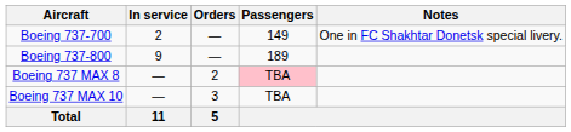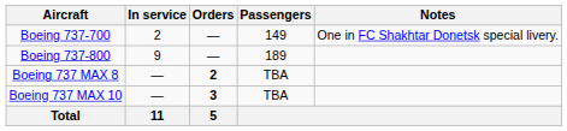 <table class="wikitable" style="margin:1em auto; border-collapse:collapse;text-align:center">
 <tr>
 <th>Aircraft</th>
 <th>In service</th>
 <th>Orders</th>
 <th>Passengers</th>
 <th>Notes</th>
 </tr>
 <tr>
 <td><a href='#'>Boeing 737-700</a></td>
 <td>2</td>
 <td>—</td>
 <td>149</td>
 <td>One in <a href='#'>FC Shakhtar Donetsk</a> special livery.</td>
 </tr>
 <tr>
 <td><a href='#'>Boeing 737-800</a></td>
 <td>9</td>
 <td>—</td>
 <td>189</td>
 <td></td>
 </tr>
 <tr>
 <td><a href='#'>Boeing 737 MAX 8</a></td>
 <td>—</td>
-<td>2</td>
-<td style="background: pink;">TBA</td>
+<td><strong>2</strong></td>
+<td>TBA</td>
 <td></td>
 </tr>
 <tr>
 <td><a href='#'>Boeing 737 MAX 10</a></td>
 <td>—</td>
-<td>3</td>
+<td><strong>3</strong></td>
 <td>TBA</td>
 <td></td>
 </tr>
 <tr>
 <th>Total</th>
 <th>11</th>
 <th>5</th>
 <th colspan="4"></th>
 </tr>
 </table>
